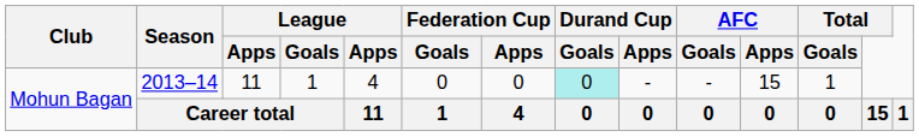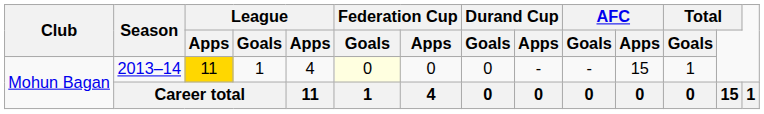 <table class="wikitable" style="text-align: center;">
 <tr>
 <th rowspan="2">Club</th>
 <th rowspan="2">Season</th>
 <th colspan="3">League</th>
 <th colspan="2">Federation Cup</th>
 <th colspan="2">Durand Cup</th>
 <th colspan="2"><a href='#'>AFC</a></th>
 <th colspan="2">Total</th>
 </tr>
 <tr>
 <th>Apps</th>
 <th>Goals</th>
 <th>Apps</th>
 <th>Goals</th>
 <th>Apps</th>
 <th>Goals</th>
 <th>Apps</th>
 <th>Goals</th>
 <th>Apps</th>
 <th>Goals</th>
 </tr>
 <tr>
 <td rowspan="2"><a href='#'>Mohun Bagan</a></td>
 <td><a href='#'>2013–14</a></td>
-<td>11</td>
+<td style="background: gold;">11</td>
 <td>1</td>
 <td>4</td>
+<td style="background: lightyellow;">0</td>
 <td>0</td>
 <td>0</td>
-<td style="background: paleturquoise;">0</td>
 <td>-</td>
 <td>-</td>
 <td>15</td>
 <td>1</td>
 </tr>
 <tr>
 <th colspan="3">Career total</th>
 <th>11</th>
 <th>1</th>
 <th>4</th>
 <th>0</th>
 <th>0</th>
 <th>0</th>
 <th>0</th>
 <th>0</th>
 <th>15</th>
 <th>1</th>
 </tr>
 </table>
